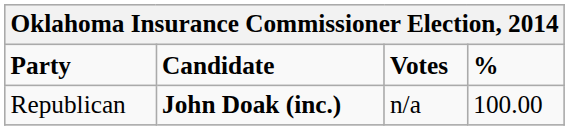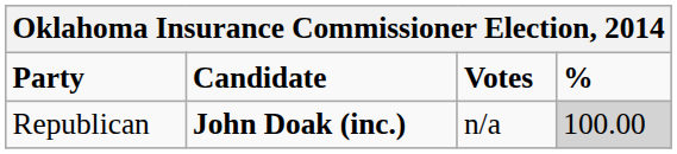 <table class="wikitable">
 <tr>
 <th colspan="4">Oklahoma Insurance Commissioner Election, 2014</th>
 </tr>
 <tr>
 <td><strong>Party</strong></td>
 <td><strong>Candidate</strong></td>
 <td><strong>Votes</strong></td>
 <td><strong>%</strong></td>
 </tr>
 <tr>
 <td>Republican</td>
 <td><strong>John Doak (inc.)</strong></td>
 <td>n/a</td>
-<td>100.00</td>
+<td style="background: lightgrey;">100.00</td>
 </tr>
 </table>
